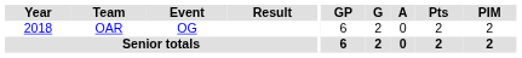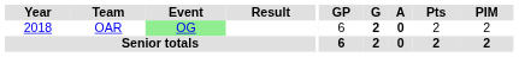 <table border="0" cellpadding="1" cellspacing="0" ID="Table3" style="text-align:center; width:40em">
 <tr bgcolor="#e0e0e0">
 <th>Year</th>
 <th>Team</th>
 <th>Event</th>
 <th>Result</th>
 <th rowspan="99" bgcolor="#ffffff"></th>
 <th>GP</th>
 <th>G</th>
 <th>A</th>
 <th>Pts</th>
 <th>PIM</th>
 </tr>
 <tr>
 <td><a href='#'>2018</a></td>
 <td><a href='#'>OAR</a></td>
-<td><a href='#'>OG</a></td>
+<td style="background: lightgreen;"><a href='#'>OG</a></td>
 <td></td>
 <td>6</td>
-<td>2</td>
-<td>0</td>
+<td><strong>2</strong></td>
+<td><strong>0</strong></td>
 <td>2</td>
 <td>2</td>
 </tr>
 <tr bgcolor=#e0e0e0>
 <th colspan="4">Senior totals</th>
 <th>6</th>
 <th>2</th>
 <th>0</th>
 <th>2</th>
 <th>2</th>
 </tr>
 </table>
